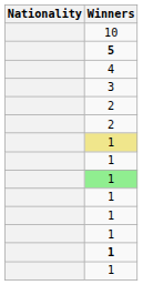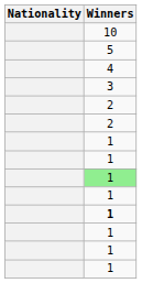 <table class="wikitable plainrowheaders sortable"  style="text-align: center">
 <tr>
 <th scope="col">Nationality</th>
 <th scope="col">Winners</th>
 </tr>
 <tr>
 <th scope="row"></th>
 <td>10</td>
 </tr>
 <tr>
 <th scope="row"></th>
-<td><strong>5</strong></td>
+<td>5</td>
 </tr>
 <tr>
 <th scope="row"></th>
 <td>4</td>
 </tr>
 <tr>
 <th scope="row"></th>
 <td>3</td>
 </tr>
 <tr>
 <th scope="row"></th>
 <td>2</td>
 </tr>
 <tr>
 <th scope="row"></th>
 <td>2</td>
 </tr>
 <tr>
 <th scope="row"></th>
-<td style="background: khaki;">1</td>
+<td>1</td>
 </tr>
 <tr>
 <th scope="row"></th>
 <td>1</td>
 </tr>
 <tr>
 <th scope="row"></th>
 <td style="background: lightgreen;">1</td>
 </tr>
 <tr>
 <th scope="row"></th>
 <td>1</td>
 </tr>
 <tr>
 <th scope="row"></th>
+<td><strong>1</strong></td>
+</tr>
+<tr>
+<th scope="row"></th>
 <td>1</td>
 </tr>
 <tr>
 <th scope="row"></th>
 <td>1</td>
 </tr>
 <tr>
 <th scope="row"></th>
-<td><strong>1</strong></td>
-</tr>
-<tr>
-<th scope="row"></th>
 <td>1</td>
 </tr>
 </table>
